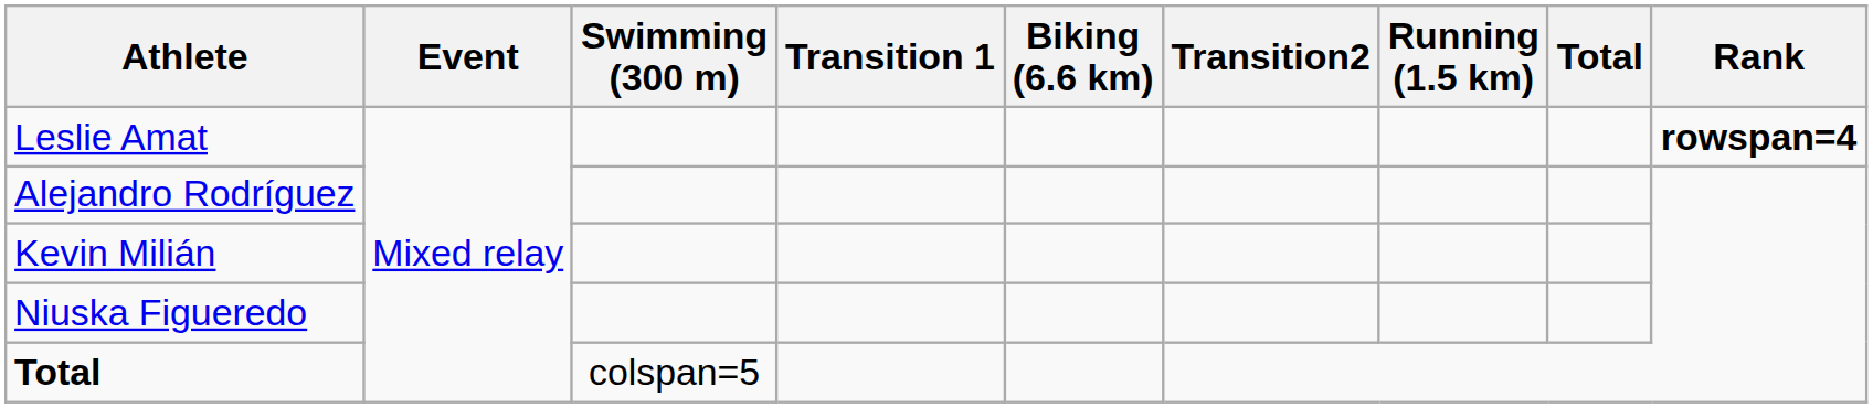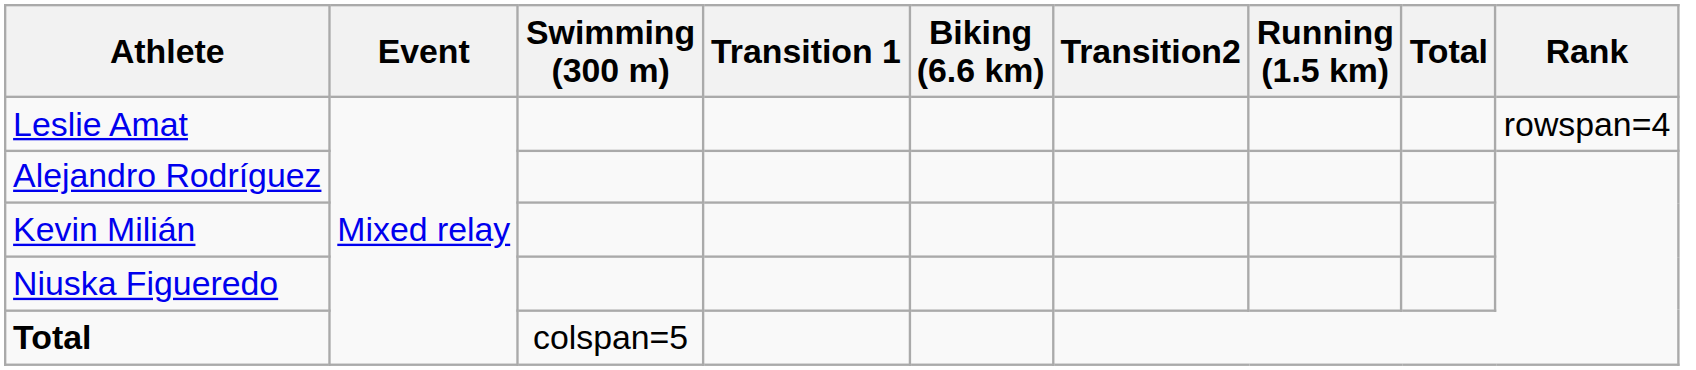 <table class=wikitable style=font-size:90%;text-align:center>
 <tr>
 <th>Athlete</th>
 <th>Event</th>
 <th>Swimming<br><span>(300 m)</span></th>
 <th>Transition 1</th>
 <th>Biking<br><span>(6.6 km)</span></th>
 <th>Transition2</th>
 <th>Running<br><span>(1.5 km)</span></th>
 <th>Total</th>
 <th>Rank</th>
 </tr>
 <tr>
 <td align=left><a href='#'>Leslie Amat</a></td>
 <td align=left rowspan=5><a href='#'>Mixed relay</a></td>
 <td></td>
 <td></td>
 <td></td>
 <td></td>
 <td></td>
 <td></td>
-<td><strong>rowspan=4 </strong></td>
+<td>rowspan=4 </td>
 </tr>
 <tr>
 <td align=left><a href='#'>Alejandro Rodríguez</a></td>
 <td></td>
 <td></td>
 <td></td>
 <td></td>
 <td></td>
 <td></td>
 </tr>
 <tr>
 <td align=left><a href='#'>Kevin Milián</a></td>
 <td></td>
 <td></td>
 <td></td>
 <td></td>
 <td></td>
 <td></td>
 </tr>
 <tr>
 <td align=left><a href='#'>Niuska Figueredo</a></td>
 <td></td>
 <td></td>
 <td></td>
 <td></td>
 <td></td>
 <td></td>
 </tr>
 <tr>
 <td align=left><strong>Total</strong></td>
 <td>colspan=5 </td>
 <td></td>
 <td></td>
 </tr>
 </table>
